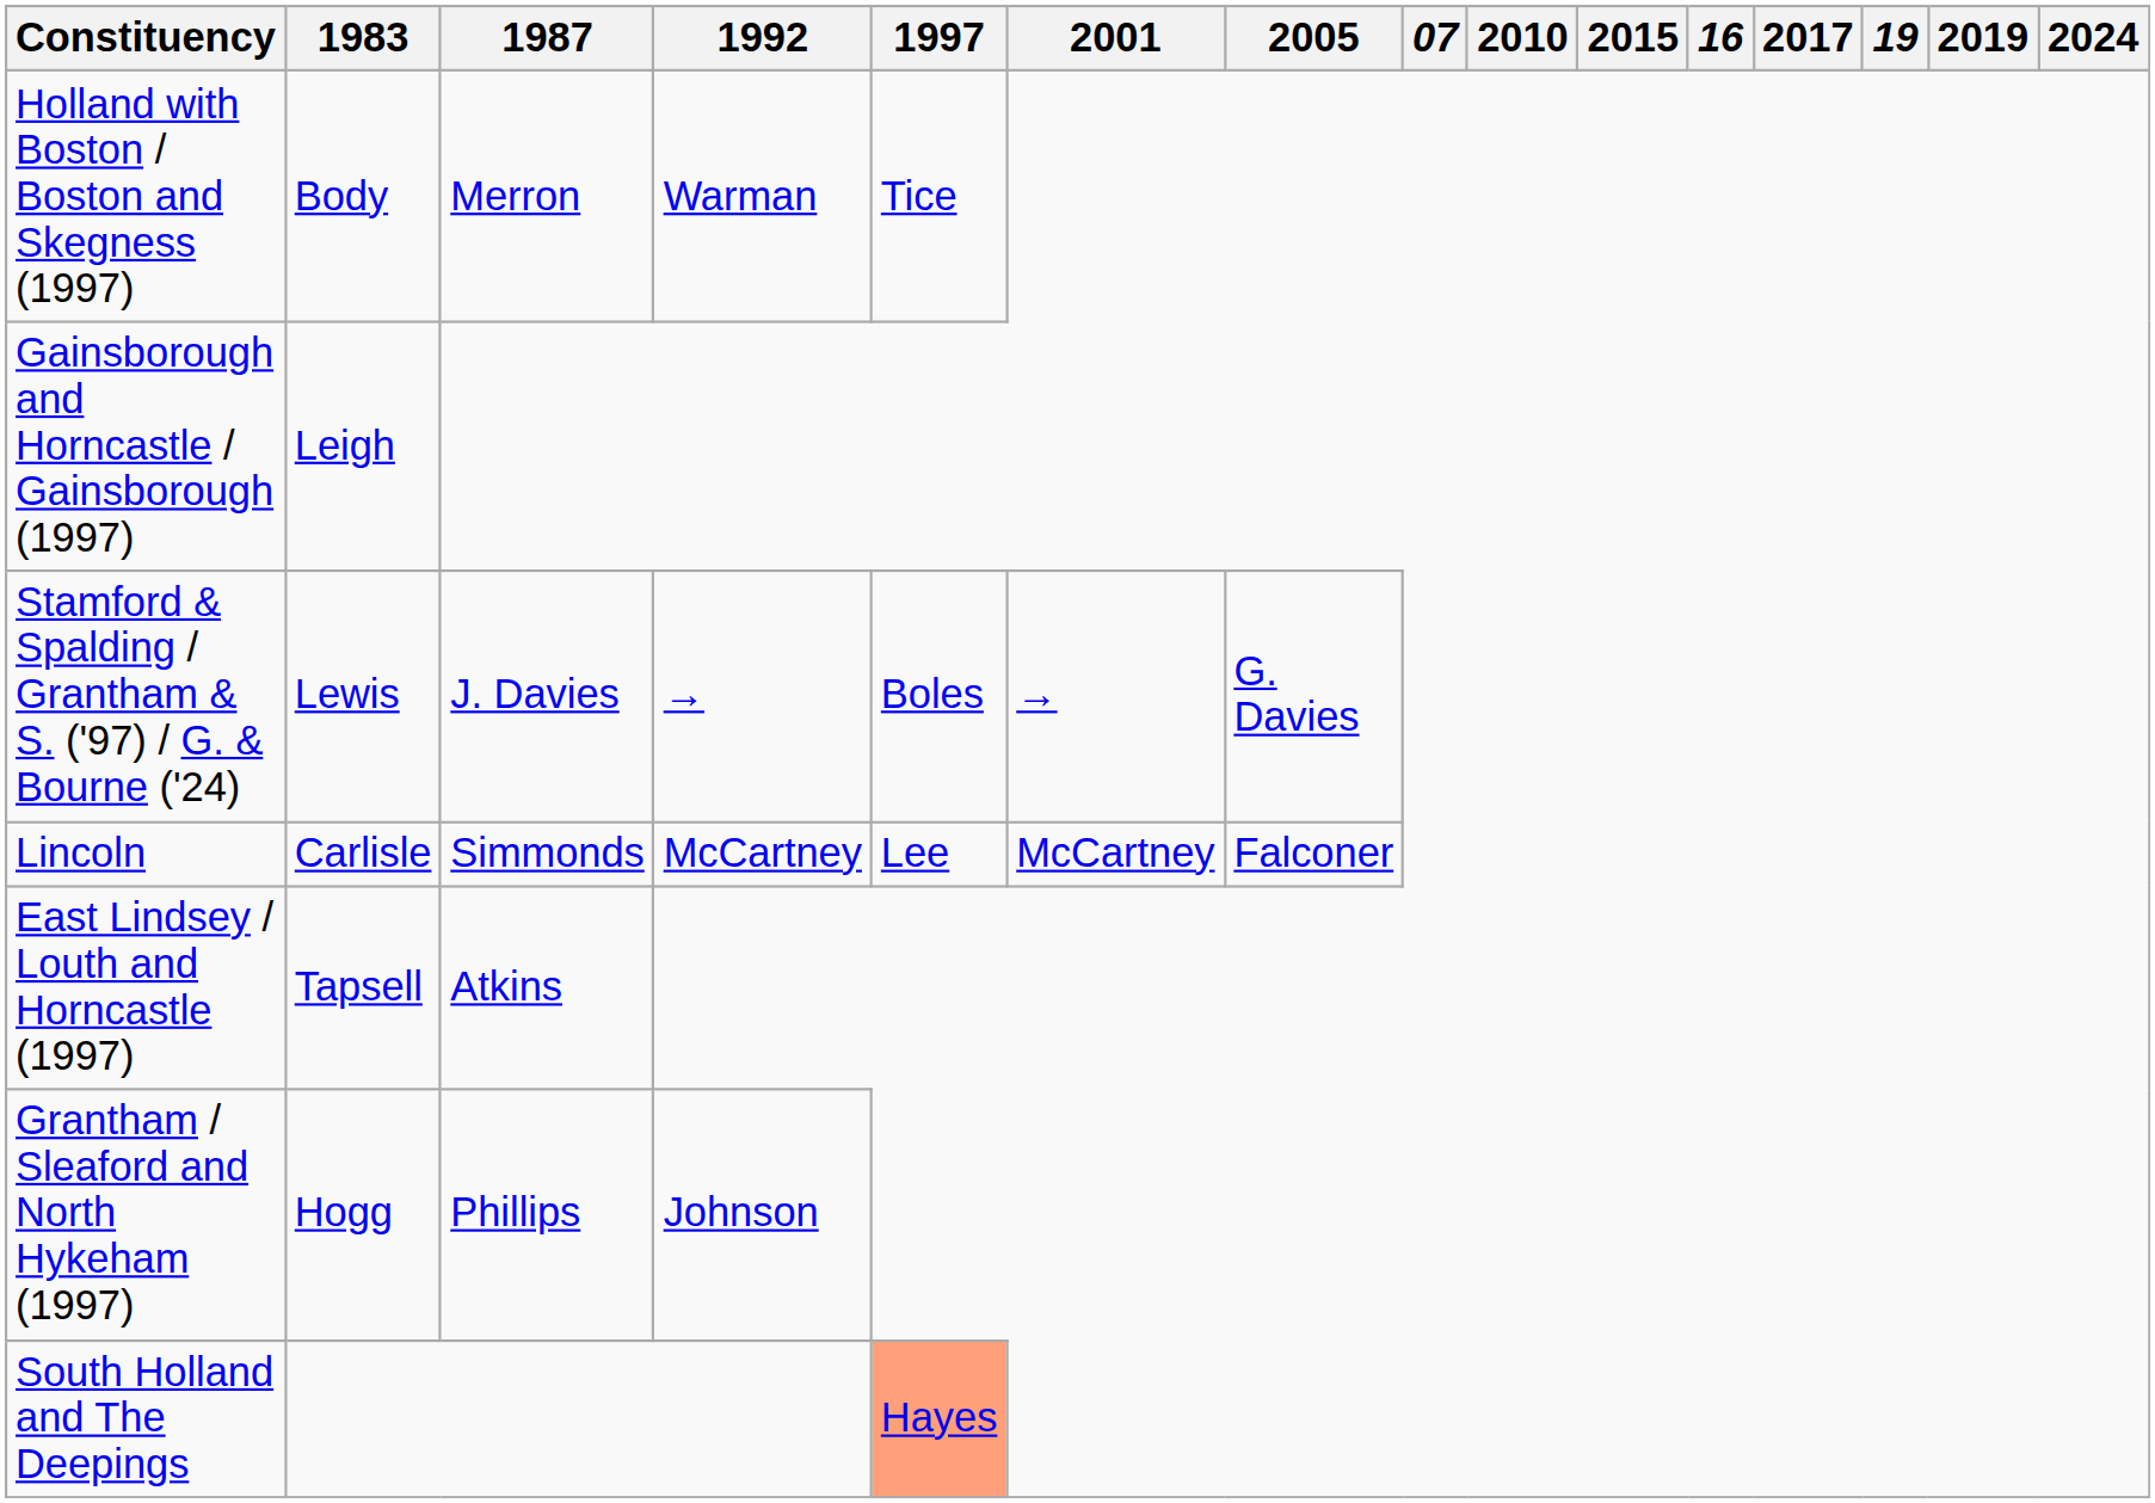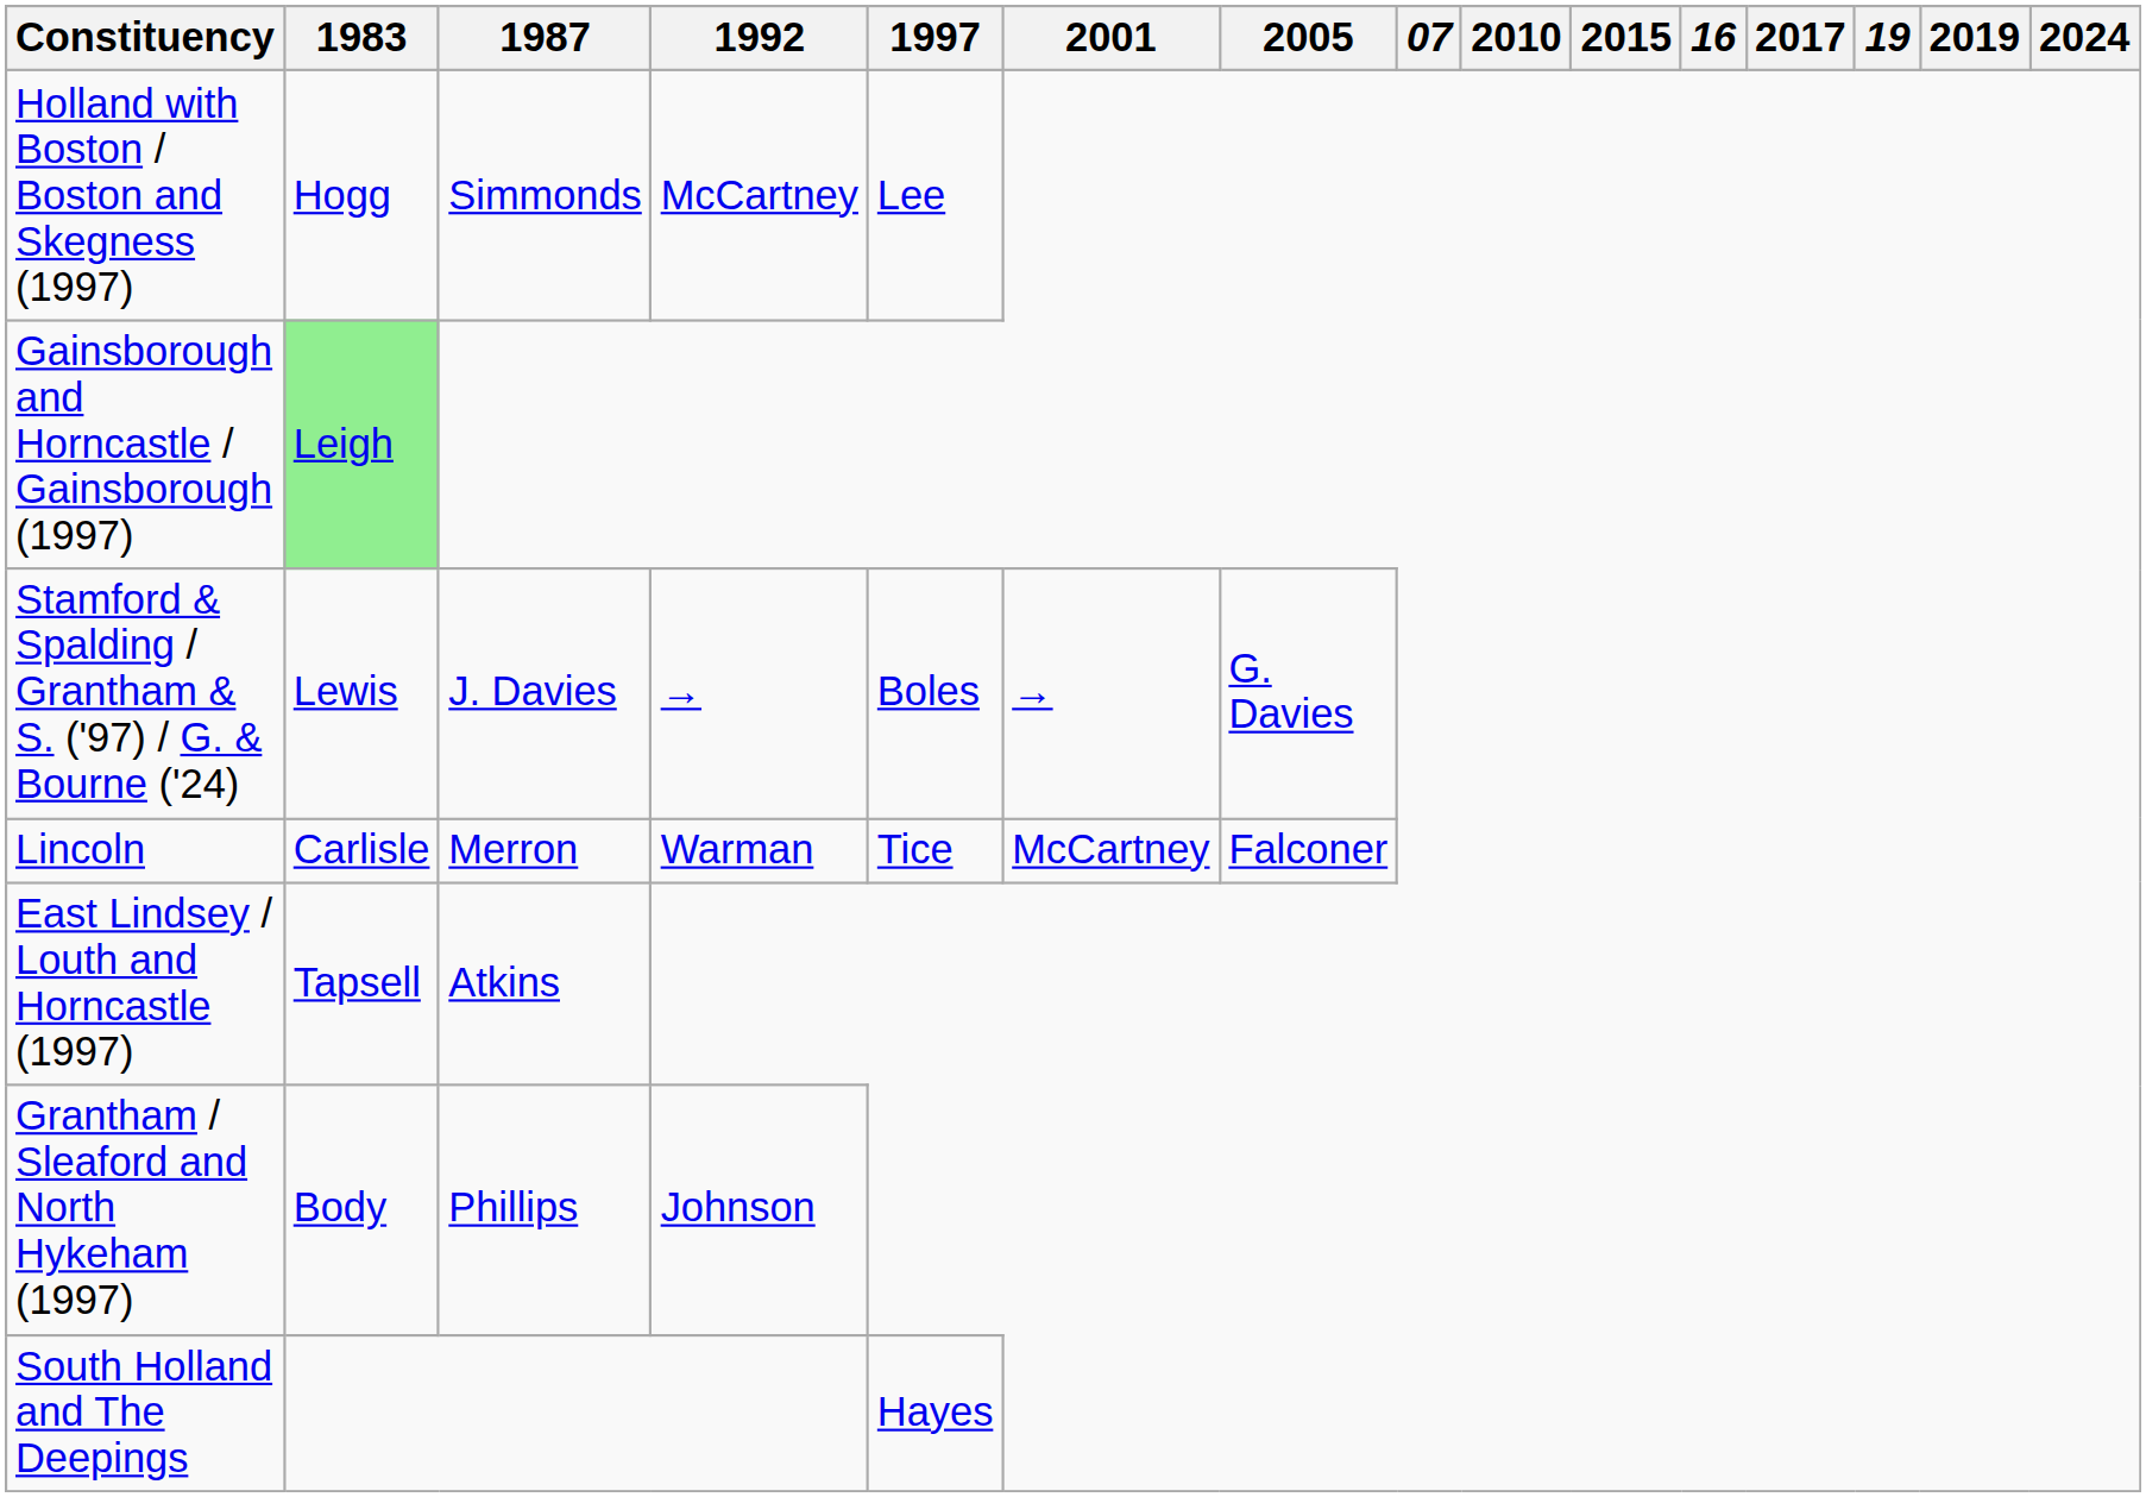 <table class="wikitable">
 <tr>
 <th>Constituency</th>
 <th>1983</th>
 <th>1987</th>
 <th>1992</th>
 <th>1997</th>
 <th>2001</th>
 <th>2005</th>
 <th><em>07</em></th>
 <th>2010</th>
 <th>2015</th>
 <th><em>16</em></th>
 <th>2017</th>
 <th><em>19</em></th>
 <th>2019</th>
 <th>2024</th>
 </tr>
 <tr>
 <td><a href='#'>Holland with Boston</a> / <a href='#'>Boston and Skegness</a> (1997)</td>
-<td><a href='#'>Body</a></td>
-<td><a href='#'>Merron</a></td>
-<td><a href='#'>Warman</a></td>
-<td><a href='#'>Tice</a></td>
+<td><a href='#'>Hogg</a></td>
+<td><a href='#'>Simmonds</a></td>
+<td><a href='#'>McCartney</a></td>
+<td><a href='#'>Lee</a></td>
 </tr>
 <tr>
 <td><a href='#'>Gainsborough and Horncastle</a> / <a href='#'>Gainsborough</a> (1997)</td>
-<td><a href='#'>Leigh</a></td>
+<td style="background: lightgreen;"><a href='#'>Leigh</a></td>
 </tr>
 <tr>
 <td><a href='#'>Stamford & Spalding</a> / <a href='#'>Grantham & S.</a> ('97) / <a href='#'>G. & Bourne</a> ('24)</td>
 <td><a href='#'>Lewis</a></td>
 <td><a href='#'>J. Davies</a></td>
 <td><a href='#'>→</a></td>
 <td><a href='#'>Boles</a></td>
 <td><a href='#'>→</a></td>
 <td><a href='#'>G. Davies</a></td>
 </tr>
 <tr>
 <td><a href='#'>Lincoln</a></td>
 <td><a href='#'>Carlisle</a></td>
-<td><a href='#'>Simmonds</a></td>
-<td><a href='#'>McCartney</a></td>
-<td><a href='#'>Lee</a></td>
+<td><a href='#'>Merron</a></td>
+<td><a href='#'>Warman</a></td>
+<td><a href='#'>Tice</a></td>
 <td><a href='#'>McCartney</a></td>
 <td><a href='#'>Falconer</a></td>
 </tr>
 <tr>
 <td><a href='#'>East Lindsey</a> / <a href='#'>Louth and Horncastle</a> (1997)</td>
 <td><a href='#'>Tapsell</a></td>
 <td><a href='#'>Atkins</a></td>
 </tr>
 <tr>
 <td><a href='#'>Grantham</a> / <a href='#'>Sleaford and North Hykeham</a> (1997)</td>
-<td><a href='#'>Hogg</a></td>
+<td><a href='#'>Body</a></td>
 <td><a href='#'>Phillips</a></td>
 <td><a href='#'>Johnson</a></td>
 </tr>
 <tr>
 <td><a href='#'>South Holland and The Deepings</a></td>
 <td colspan="3"></td>
-<td style="background: lightsalmon;"><a href='#'>Hayes</a></td>
+<td><a href='#'>Hayes</a></td>
 </tr>
 </table>
